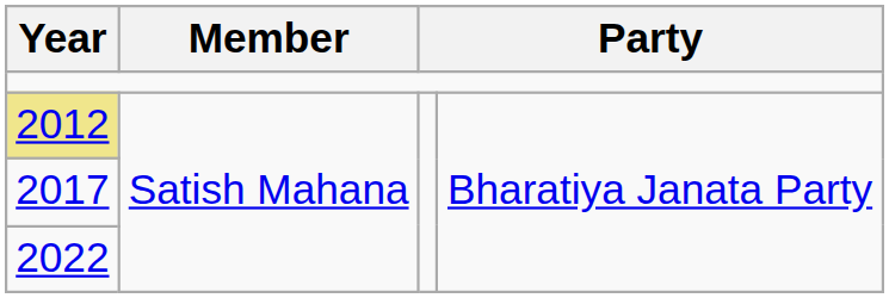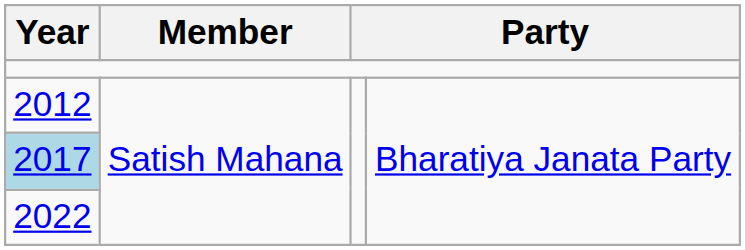 <table class="wikitable">
 <tr>
 <th>Year</th>
 <th>Member</th>
 <th colspan="2">Party</th>
 </tr>
 <tr>
 <td colspan="4"></td>
 </tr>
 <tr>
-<td style="background: khaki;"><a href='#'>2012</a></td>
+<td><a href='#'>2012</a></td>
 <td rowspan="3"><a href='#'>Satish Mahana</a></td>
 <td rowspan="3" style="background-color: "></td>
 <td rowspan="3"><a href='#'>Bharatiya Janata Party</a></td>
 </tr>
 <tr>
-<td><a href='#'>2017</a></td>
+<td style="background: lightblue;"><a href='#'>2017</a></td>
 </tr>
 <tr>
 <td><a href='#'>2022</a></td>
 </tr>
 </table>
